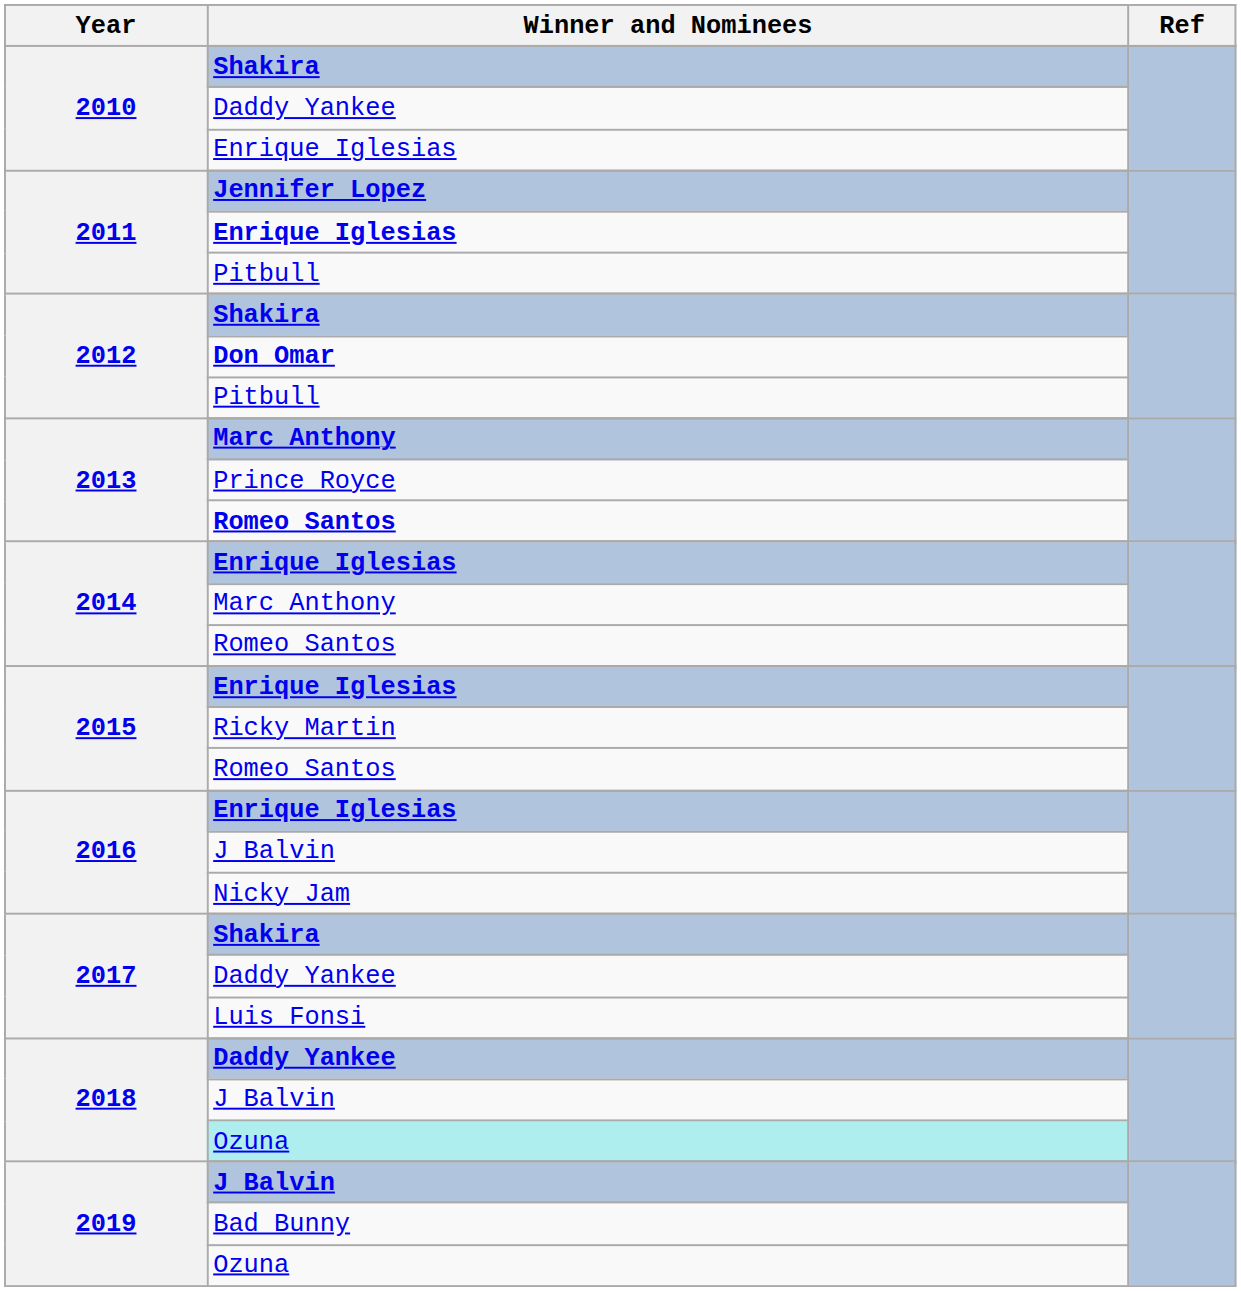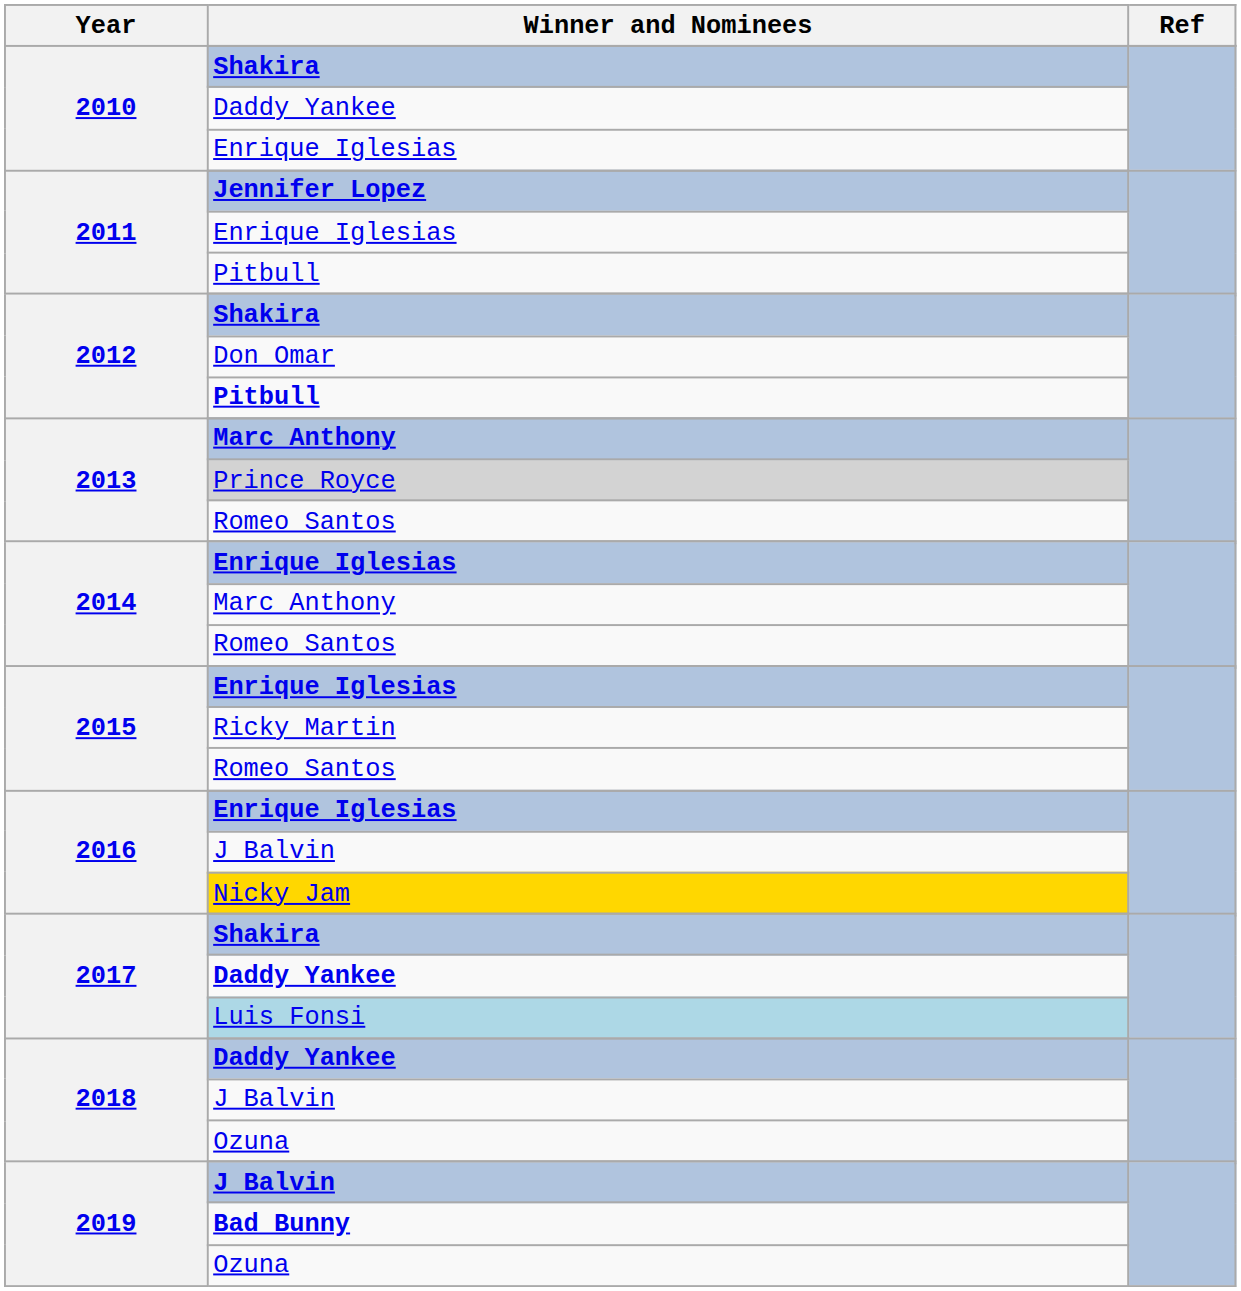 <table class="wikitable" width="50%">
 <tr>
 <th bgcolor="#efefef" width="50px">Year</th>
 <th bgcolor="#efefef" width="250px">Winner and Nominees</th>
 <th bgcolor="#efefef" width="10px" class="unsortable">Ref</th>
 </tr>
 <tr>
 <th rowspan="4" align="center"><a href='#'>2010<br></a></th>
 </tr>
 <tr style="background:#B0C4DE">
 <td><strong><a href='#'>Shakira</a></strong></td>
 <td rowspan="4" align="center"></td>
 </tr>
 <tr>
 <td><a href='#'>Daddy Yankee</a></td>
 </tr>
 <tr>
 <td><a href='#'>Enrique Iglesias</a></td>
 </tr>
 <tr>
 <th rowspan="4" align="center"><a href='#'>2011<br></a></th>
 </tr>
 <tr style="background:#B0C4DE">
 <td><strong><a href='#'>Jennifer Lopez</a></strong></td>
 <td rowspan="4" align="center"></td>
 </tr>
 <tr>
-<td><strong><a href='#'>Enrique Iglesias</a></strong></td>
+<td><a href='#'>Enrique Iglesias</a></td>
 </tr>
 <tr>
 <td><a href='#'>Pitbull</a></td>
 </tr>
 <tr>
 <th rowspan="4" align="center"><a href='#'>2012<br></a></th>
 </tr>
 <tr style="background:#B0C4DE">
 <td><strong><a href='#'>Shakira</a></strong></td>
 <td rowspan="4" align="center"></td>
 </tr>
 <tr>
-<td><strong><a href='#'>Don Omar</a></strong></td>
+<td><a href='#'>Don Omar</a></td>
 </tr>
 <tr>
-<td><a href='#'>Pitbull</a></td>
+<td><strong><a href='#'>Pitbull</a></strong></td>
 </tr>
 <tr>
 <th rowspan="4" align="center"><a href='#'>2013<br></a></th>
 </tr>
 <tr style="background:#B0C4DE">
 <td><strong><a href='#'>Marc Anthony</a></strong></td>
 <td rowspan="4" align="center"></td>
 </tr>
 <tr>
-<td><a href='#'>Prince Royce</a></td>
+<td style="background: lightgrey;"><a href='#'>Prince Royce</a></td>
 </tr>
 <tr>
-<td><strong><a href='#'>Romeo Santos</a></strong></td>
+<td><a href='#'>Romeo Santos</a></td>
 </tr>
 <tr>
 <th rowspan="4" align="center"><a href='#'>2014<br></a></th>
 </tr>
 <tr style="background:#B0C4DE">
 <td><strong><a href='#'>Enrique Iglesias</a></strong></td>
 <td rowspan="4" align="center"></td>
 </tr>
 <tr>
 <td><a href='#'>Marc Anthony</a></td>
 </tr>
 <tr>
 <td><a href='#'>Romeo Santos</a></td>
 </tr>
 <tr>
 <th rowspan="4" align="center"><a href='#'>2015<br></a></th>
 </tr>
 <tr style="background:#B0C4DE">
 <td><strong><a href='#'>Enrique Iglesias</a></strong></td>
 <td rowspan="4" align="center"></td>
 </tr>
 <tr>
 <td><a href='#'>Ricky Martin</a></td>
 </tr>
 <tr>
 <td><a href='#'>Romeo Santos</a></td>
 </tr>
 <tr>
 <th rowspan="4" align="center"><a href='#'>2016<br></a></th>
 </tr>
 <tr style="background:#B0C4DE">
 <td><strong><a href='#'>Enrique Iglesias</a></strong></td>
 <td rowspan="4" align="center"></td>
 </tr>
 <tr>
 <td><a href='#'>J Balvin</a></td>
 </tr>
 <tr>
-<td><a href='#'>Nicky Jam</a></td>
+<td style="background: gold;"><a href='#'>Nicky Jam</a></td>
 </tr>
 <tr>
 <th rowspan="4" align="center"><a href='#'>2017<br></a></th>
 </tr>
 <tr style="background:#B0C4DE">
 <td><strong><a href='#'>Shakira</a></strong></td>
 <td rowspan="4" align="center"></td>
 </tr>
 <tr>
-<td><a href='#'>Daddy Yankee</a></td>
+<td><strong><a href='#'>Daddy Yankee</a></strong></td>
 </tr>
 <tr>
-<td><a href='#'>Luis Fonsi</a></td>
+<td style="background: lightblue;"><a href='#'>Luis Fonsi</a></td>
 </tr>
 <tr>
 <th rowspan="4" align="center"><a href='#'>2018<br></a></th>
 </tr>
 <tr style="background:#B0C4DE">
 <td><strong><a href='#'>Daddy Yankee</a></strong></td>
 <td rowspan="4" align="center"></td>
 </tr>
 <tr>
 <td><a href='#'>J Balvin</a></td>
 </tr>
 <tr>
-<td style="background: paleturquoise;"><a href='#'>Ozuna</a></td>
+<td><a href='#'>Ozuna</a></td>
 </tr>
 <tr>
 <th rowspan="4" align="center"><a href='#'>2019<br></a></th>
 </tr>
 <tr style="background:#B0C4DE">
 <td><strong><a href='#'>J Balvin</a></strong></td>
 <td rowspan="4" align="center"></td>
 </tr>
 <tr>
-<td><a href='#'>Bad Bunny</a></td>
+<td><strong><a href='#'>Bad Bunny</a></strong></td>
 </tr>
 <tr>
 <td><a href='#'>Ozuna</a></td>
 </tr>
 </table>
